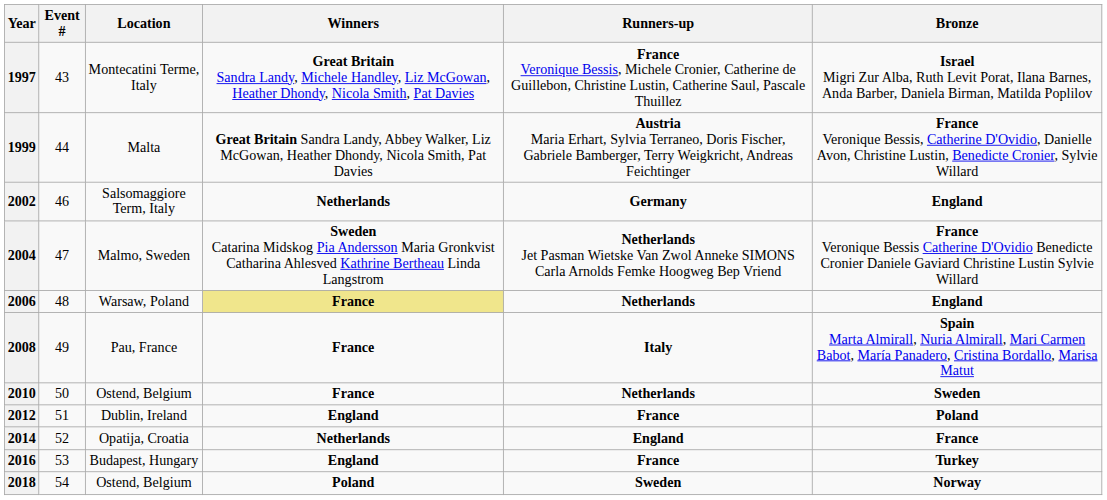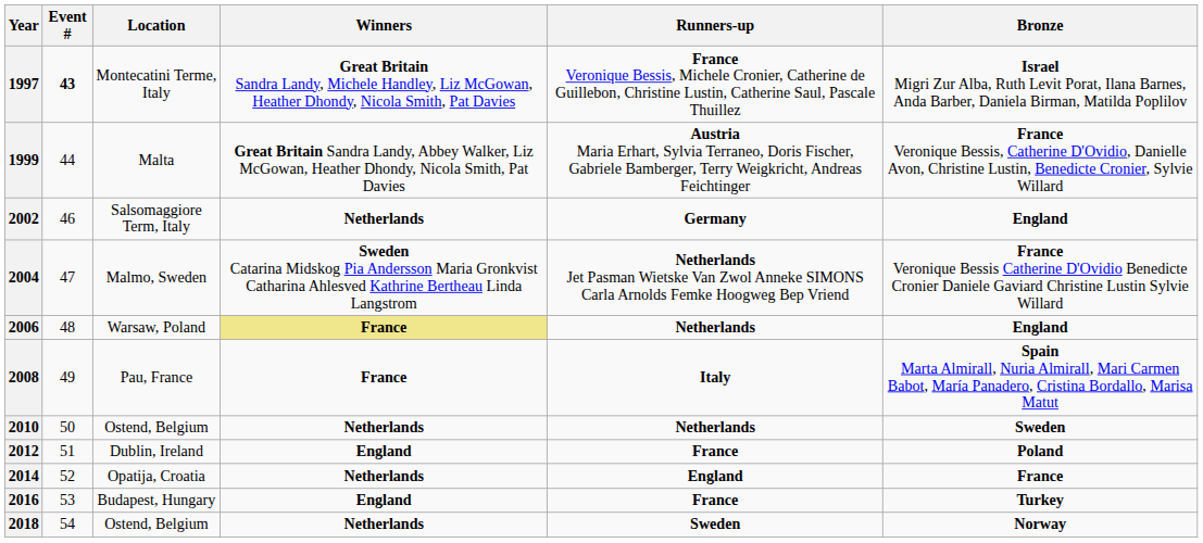 <table class="wikitable" style="text-align:center">
 <tr>
 <th>Year</th>
 <th>Event #</th>
 <th>Location</th>
 <th>Winners</th>
 <th>Runners-up</th>
 <th>Bronze</th>
 </tr>
 <tr>
 <th>1997<br></th>
-<td>43</td>
+<td><strong>43</strong></td>
 <td>Montecatini Terme, Italy</td>
 <td> <strong>Great Britain</strong><br><a href='#'>Sandra Landy</a>, <a href='#'>Michele Handley</a>, <a href='#'>Liz McGowan</a>, <a href='#'>Heather Dhondy</a>, <a href='#'>Nicola Smith</a>, <a href='#'>Pat Davies</a></td>
 <td> <strong>France</strong><br><a href='#'>Veronique Bessis</a>, Michele Cronier, Catherine de Guillebon, Christine Lustin, Catherine Saul, Pascale Thuillez</td>
 <td> <strong>Israel</strong><br>Migri Zur Alba, Ruth Levit Porat, Ilana Barnes, Anda Barber, Daniela Birman, Matilda Poplilov</td>
 </tr>
 <tr>
 <th>1999<br></th>
 <td>44</td>
 <td>Malta</td>
 <td><br><strong>Great Britain</strong> Sandra Landy, Abbey Walker, Liz McGowan, Heather Dhondy, Nicola Smith, Pat Davies</td>
 <td> <strong>Austria</strong><br>Maria Erhart, Sylvia Terraneo, Doris Fischer, Gabriele Bamberger, Terry Weigkricht, Andreas Feichtinger</td>
 <td> <strong>France</strong><br>Veronique Bessis, <a href='#'>Catherine D'Ovidio</a>, Danielle Avon, Christine Lustin, <a href='#'>Benedicte Cronier</a>, Sylvie Willard</td>
 </tr>
 <tr>
 <th>2002<br></th>
 <td>46</td>
 <td>Salsomaggiore Term, Italy</td>
 <td> <strong>Netherlands</strong></td>
 <td> <strong>Germany</strong></td>
 <td> <strong>England</strong></td>
 </tr>
 <tr>
 <th>2004<br></th>
 <td>47</td>
 <td>Malmo, Sweden</td>
 <td> <strong>Sweden</strong><br>Catarina Midskog <a href='#'>Pia Andersson</a> Maria Gronkvist Catharina Ahlesved <a href='#'>Kathrine Bertheau</a> Linda Langstrom</td>
 <td> <strong>Netherlands</strong><br>Jet Pasman Wietske Van Zwol Anneke SIMONS Carla Arnolds Femke Hoogweg Bep Vriend</td>
 <td> <strong>France</strong><br>Veronique Bessis <a href='#'>Catherine D'Ovidio</a> Benedicte Cronier Daniele Gaviard Christine Lustin Sylvie Willard</td>
 </tr>
 <tr>
 <th>2006<br></th>
 <td>48</td>
 <td>Warsaw, Poland</td>
 <td style="background: khaki;"> <strong>France</strong></td>
 <td> <strong>Netherlands</strong></td>
 <td> <strong>England</strong></td>
 </tr>
 <tr>
 <th>2008<br></th>
 <td>49</td>
 <td>Pau, France</td>
 <td> <strong>France</strong></td>
 <td> <strong>Italy</strong></td>
 <td> <strong>Spain</strong><br><a href='#'>Marta Almirall</a>, <a href='#'>Nuria Almirall</a>, <a href='#'>Mari Carmen Babot</a>, <a href='#'>María Panadero</a>, <a href='#'>Cristina Bordallo</a>, <a href='#'>Marisa Matut</a></td>
 </tr>
 <tr>
 <th>2010<br></th>
 <td>50</td>
 <td>Ostend, Belgium</td>
-<td> <strong>France</strong></td>
+<td> <strong>Netherlands</strong></td>
 <td> <strong>Netherlands</strong></td>
 <td> <strong>Sweden</strong></td>
 </tr>
 <tr>
 <th>2012<br></th>
 <td>51</td>
 <td>Dublin, Ireland</td>
 <td> <strong>England</strong></td>
 <td> <strong>France</strong></td>
 <td> <strong>Poland</strong></td>
 </tr>
 <tr>
 <th>2014<br></th>
 <td>52</td>
 <td>Opatija, Croatia</td>
 <td> <strong>Netherlands</strong></td>
 <td> <strong>England</strong></td>
 <td> <strong>France</strong></td>
 </tr>
 <tr>
 <th>2016<br></th>
 <td>53</td>
 <td>Budapest, Hungary</td>
 <td> <strong>England</strong></td>
 <td> <strong>France</strong></td>
 <td> <strong>Turkey</strong></td>
 </tr>
 <tr>
 <th>2018<br></th>
 <td>54</td>
 <td>Ostend, Belgium</td>
-<td> <strong>Poland</strong></td>
+<td> <strong>Netherlands</strong></td>
 <td> <strong>Sweden</strong></td>
 <td> <strong>Norway</strong></td>
 </tr>
 </table>
